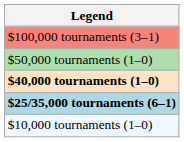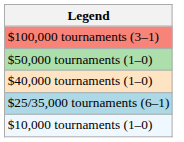 <table class="wikitable" style="font-size:85%">
 <tr>
 <th>Legend</th>
 </tr>
 <tr style="background:#f88379;">
 <td>$100,000 tournaments (3–1)</td>
 </tr>
 <tr style="background:#addfad;">
 <td>$50,000 tournaments (1–0)</td>
 </tr>
 <tr style="background:#ffe4c4;">
-<td><strong>$40,000 tournaments (1–0)</strong></td>
+<td>$40,000 tournaments (1–0)</td>
 </tr>
 <tr style="background:lightblue;">
-<td><strong>$25/35,000 tournaments (6–1)</strong></td>
+<td>$25/35,000 tournaments (6–1)</td>
 </tr>
 <tr style="background:#f0f8ff;">
 <td>$10,000 tournaments (1–0)</td>
 </tr>
 </table>
